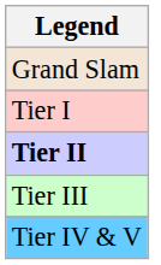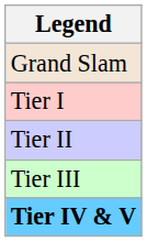 <table class="wikitable sortable mw-collapsible mw-collapsed">
 <tr>
 <th>Legend</th>
 </tr>
 <tr style="background:#f3e6d7;">
 <td>Grand Slam</td>
 </tr>
 <tr style="background:#fcc;">
 <td>Tier I</td>
 </tr>
 <tr style="background:#ccf;">
-<td><strong>Tier II</strong></td>
+<td>Tier II</td>
 </tr>
 <tr style="background:#cfc;">
 <td>Tier III</td>
 </tr>
 <tr style="background:#6cf;">
-<td>Tier IV & V</td>
+<td><strong>Tier IV & V</strong></td>
 </tr>
 </table>
